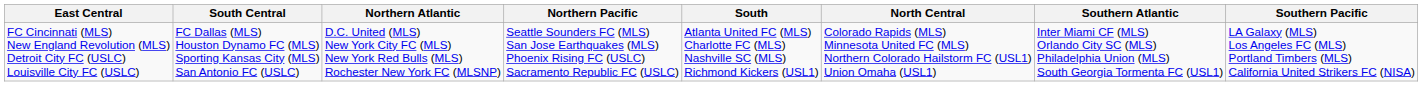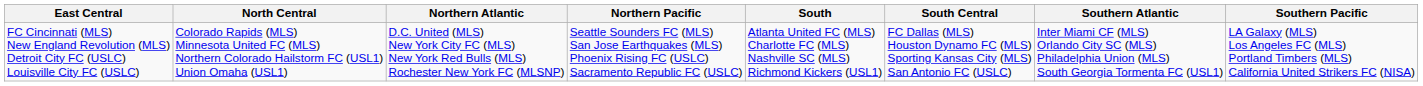 <table class="wikitable">
 <tr>
 <th>East Central</th>
-<th>South Central</th>
+<th>North Central</th>
 <th>Northern Atlantic</th>
 <th>Northern Pacific</th>
 <th>South</th>
-<th>North Central</th>
+<th>South Central</th>
 <th>Southern Atlantic</th>
 <th>Southern Pacific</th>
 </tr>
 <tr valign=top>
 <td><a href='#'>FC Cincinnati</a> (<a href='#'>MLS</a>)<br><a href='#'>New England Revolution</a> (<a href='#'>MLS</a>)<br><a href='#'>Detroit City FC</a> (<a href='#'>USLC</a>)<br><a href='#'>Louisville City FC</a> (<a href='#'>USLC</a>)</td>
-<td><a href='#'>FC Dallas</a> (<a href='#'>MLS</a>)<br><a href='#'>Houston Dynamo FC</a> (<a href='#'>MLS</a>)<br><a href='#'>Sporting Kansas City</a> (<a href='#'>MLS</a>)<br><a href='#'>San Antonio FC</a> (<a href='#'>USLC</a>)</td>
+<td><a href='#'>Colorado Rapids</a> (<a href='#'>MLS</a>)<br><a href='#'>Minnesota United FC</a> (<a href='#'>MLS</a>)<br><a href='#'>Northern Colorado Hailstorm FC</a> (<a href='#'>USL1</a>)<br><a href='#'>Union Omaha</a> (<a href='#'>USL1</a>)</td>
 <td><a href='#'>D.C. United</a> (<a href='#'>MLS</a>)<br><a href='#'>New York City FC</a> (<a href='#'>MLS</a>)<br><a href='#'>New York Red Bulls</a> (<a href='#'>MLS</a>)<br><a href='#'>Rochester New York FC</a> (<a href='#'>MLSNP</a>)</td>
 <td><a href='#'>Seattle Sounders FC</a> (<a href='#'>MLS</a>)<br><a href='#'>San Jose Earthquakes</a> (<a href='#'>MLS</a>)<br><a href='#'>Phoenix Rising FC</a> (<a href='#'>USLC</a>)<br><a href='#'>Sacramento Republic FC</a> (<a href='#'>USLC</a>)</td>
 <td><a href='#'>Atlanta United FC</a> (<a href='#'>MLS</a>)<br><a href='#'>Charlotte FC</a> (<a href='#'>MLS</a>)<br><a href='#'>Nashville SC</a> (<a href='#'>MLS</a>)<br><a href='#'>Richmond Kickers</a> (<a href='#'>USL1</a>)</td>
-<td><a href='#'>Colorado Rapids</a> (<a href='#'>MLS</a>)<br><a href='#'>Minnesota United FC</a> (<a href='#'>MLS</a>)<br><a href='#'>Northern Colorado Hailstorm FC</a> (<a href='#'>USL1</a>)<br><a href='#'>Union Omaha</a> (<a href='#'>USL1</a>)</td>
+<td><a href='#'>FC Dallas</a> (<a href='#'>MLS</a>)<br><a href='#'>Houston Dynamo FC</a> (<a href='#'>MLS</a>)<br><a href='#'>Sporting Kansas City</a> (<a href='#'>MLS</a>)<br><a href='#'>San Antonio FC</a> (<a href='#'>USLC</a>)</td>
 <td><a href='#'>Inter Miami CF</a> (<a href='#'>MLS</a>)<br><a href='#'>Orlando City SC</a> (<a href='#'>MLS</a>)<br><a href='#'>Philadelphia Union</a> (<a href='#'>MLS</a>)<br><a href='#'>South Georgia Tormenta FC</a> (<a href='#'>USL1</a>)</td>
 <td><a href='#'>LA Galaxy</a> (<a href='#'>MLS</a>)<br><a href='#'>Los Angeles FC</a> (<a href='#'>MLS</a>)<br><a href='#'>Portland Timbers</a> (<a href='#'>MLS</a>)<br><a href='#'>California United Strikers FC</a> (<a href='#'>NISA</a>)</td>
 </tr>
 </table>
